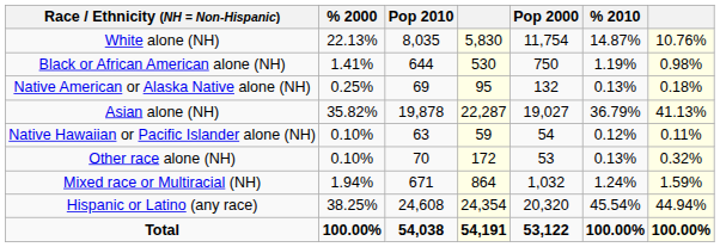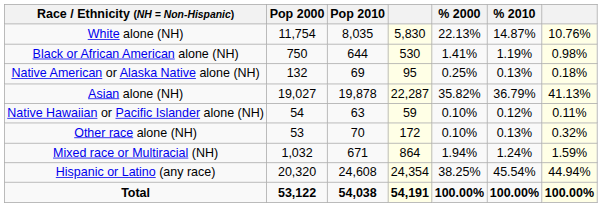 <table class="wikitable" style="text-align:center;">
 <tr>
 <th>Race / Ethnicity <small>(<em>NH = Non-Hispanic</em>)</small></th>
-<th>% 2000</th>
+<th>Pop 2000</th>
 <th>Pop 2010</th>
 <th></th>
-<th>Pop 2000</th>
+<th>% 2000</th>
 <th>% 2010</th>
 <th></th>
 </tr>
 <tr>
 <td><a href='#'>White</a> alone (NH)</td>
-<td>22.13%</td>
+<td>11,754</td>
 <td>8,035</td>
 <td style='background: #ffffe6;'>5,830</td>
-<td>11,754</td>
+<td>22.13%</td>
 <td>14.87%</td>
 <td style='background: #ffffe6;'>10.76%</td>
 </tr>
 <tr>
 <td><a href='#'>Black or African American</a> alone (NH)</td>
-<td>1.41%</td>
+<td>750</td>
 <td>644</td>
 <td style='background: #ffffe6;'>530</td>
-<td>750</td>
+<td>1.41%</td>
 <td>1.19%</td>
 <td style='background: #ffffe6;'>0.98%</td>
 </tr>
 <tr>
 <td><a href='#'>Native American</a> or <a href='#'>Alaska Native</a> alone (NH)</td>
-<td>0.25%</td>
+<td>132</td>
 <td>69</td>
 <td style='background: #ffffe6;'>95</td>
-<td>132</td>
+<td>0.25%</td>
 <td>0.13%</td>
 <td style='background: #ffffe6;'>0.18%</td>
 </tr>
 <tr>
 <td><a href='#'>Asian</a> alone (NH)</td>
-<td>35.82%</td>
+<td>19,027</td>
 <td>19,878</td>
 <td style='background: #ffffe6;'>22,287</td>
-<td>19,027</td>
+<td>35.82%</td>
 <td>36.79%</td>
 <td style='background: #ffffe6;'>41.13%</td>
 </tr>
 <tr>
 <td><a href='#'>Native Hawaiian</a> or <a href='#'>Pacific Islander</a> alone (NH)</td>
-<td>0.10%</td>
+<td>54</td>
 <td>63</td>
 <td style='background: #ffffe6;'>59</td>
-<td>54</td>
+<td>0.10%</td>
 <td>0.12%</td>
 <td style='background: #ffffe6;'>0.11%</td>
 </tr>
 <tr>
 <td><a href='#'>Other race</a> alone (NH)</td>
-<td>0.10%</td>
+<td>53</td>
 <td>70</td>
 <td style='background: #ffffe6;'>172</td>
-<td>53</td>
+<td>0.10%</td>
 <td>0.13%</td>
 <td style='background: #ffffe6;'>0.32%</td>
 </tr>
 <tr>
 <td><a href='#'>Mixed race or Multiracial</a> (NH)</td>
-<td>1.94%</td>
+<td>1,032</td>
 <td>671</td>
 <td style='background: #ffffe6;'>864</td>
-<td>1,032</td>
+<td>1.94%</td>
 <td>1.24%</td>
 <td style='background: #ffffe6;'>1.59%</td>
 </tr>
 <tr>
 <td><a href='#'>Hispanic or Latino</a> (any race)</td>
-<td>38.25%</td>
+<td>20,320</td>
 <td>24,608</td>
 <td style='background: #ffffe6;'>24,354</td>
-<td>20,320</td>
+<td>38.25%</td>
 <td>45.54%</td>
 <td style='background: #ffffe6;'>44.94%</td>
 </tr>
 <tr>
 <td><strong>Total</strong></td>
-<td><strong>100.00%</strong></td>
+<td><strong>53,122</strong></td>
 <td><strong>54,038</strong></td>
 <td style='background: #ffffe6;'><strong>54,191</strong></td>
-<td><strong>53,122</strong></td>
+<td><strong>100.00%</strong></td>
 <td><strong>100.00%</strong></td>
 <td style='background: #ffffe6;'><strong>100.00%</strong></td>
 </tr>
 </table>
